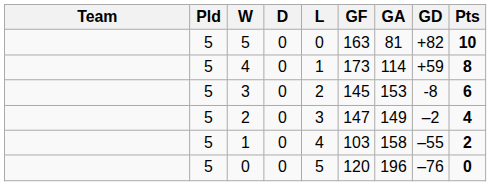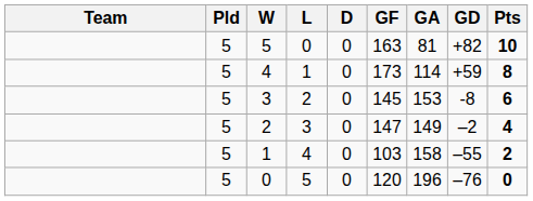 <table class="wikitable" style="text-align: center;">
 <tr>
 <th width="180">Team</th>
 <th width="30">Pld</th>
 <th width="30">W</th>
+<th width="30">L</th>
 <th width="30">D</th>
-<th width="30">L</th>
 <th width="30">GF</th>
 <th width="30">GA</th>
 <th width="30">GD</th>
 <th width="30">Pts</th>
 </tr>
 <tr>
 <td align="left"></td>
 <td>5</td>
 <td>5</td>
 <td>0</td>
 <td>0</td>
 <td>163</td>
 <td>81</td>
 <td>+82</td>
 <td><strong>10</strong></td>
 </tr>
 <tr>
 <td align="left"></td>
 <td>5</td>
 <td>4</td>
+<td>1</td>
 <td>0</td>
-<td>1</td>
 <td>173</td>
 <td>114</td>
 <td>+59</td>
 <td><strong>8</strong></td>
 </tr>
 <tr>
 <td align="left"></td>
 <td>5</td>
 <td>3</td>
+<td>2</td>
 <td>0</td>
-<td>2</td>
 <td>145</td>
 <td>153</td>
 <td>-8</td>
 <td><strong>6</strong></td>
 </tr>
 <tr>
 <td align="left"></td>
 <td>5</td>
 <td>2</td>
+<td>3</td>
 <td>0</td>
-<td>3</td>
 <td>147</td>
 <td>149</td>
 <td>–2</td>
 <td><strong>4</strong></td>
 </tr>
 <tr>
 <td align="left"></td>
 <td>5</td>
 <td>1</td>
+<td>4</td>
 <td>0</td>
-<td>4</td>
 <td>103</td>
 <td>158</td>
 <td>–55</td>
 <td><strong>2</strong></td>
 </tr>
 <tr>
 <td align="left"></td>
 <td>5</td>
 <td>0</td>
+<td>5</td>
 <td>0</td>
-<td>5</td>
 <td>120</td>
 <td>196</td>
 <td>–76</td>
 <td><strong>0</strong></td>
 </tr>
 </table>
